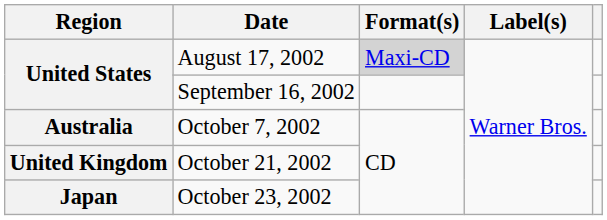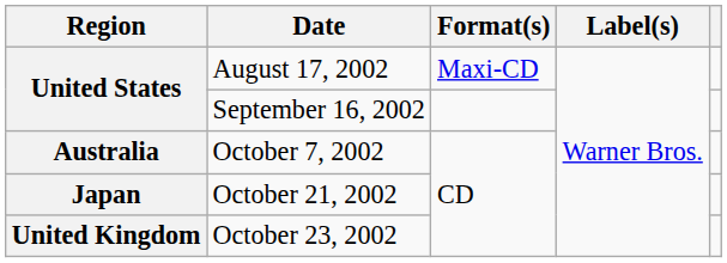 <table class="wikitable plainrowheaders">
 <tr>
 <th scope="col">Region</th>
 <th scope="col">Date</th>
 <th scope="col">Format(s)</th>
 <th scope="col">Label(s)</th>
 <th scope="col"></th>
 </tr>
 <tr>
 <th scope="row" rowspan="2">United States</th>
 <td>August 17, 2002</td>
-<td style="background: lightgrey;"><a href='#'>Maxi-CD</a></td>
+<td><a href='#'>Maxi-CD</a></td>
 <td rowspan="5"><a href='#'>Warner Bros.</a></td>
 <td align="center"></td>
 </tr>
 <tr>
 <td>September 16, 2002</td>
 <td></td>
 <td align="center"></td>
 </tr>
 <tr>
 <th scope="row">Australia</th>
 <td>October 7, 2002</td>
 <td rowspan="3">CD</td>
 <td align="center"></td>
 </tr>
 <tr>
-<th scope="row">United Kingdom</th>
+<th scope="row">Japan</th>
 <td>October 21, 2002</td>
 <td align="center"></td>
 </tr>
 <tr>
-<th scope="row">Japan</th>
+<th scope="row">United Kingdom</th>
 <td>October 23, 2002</td>
 <td align="center"></td>
 </tr>
 </table>
